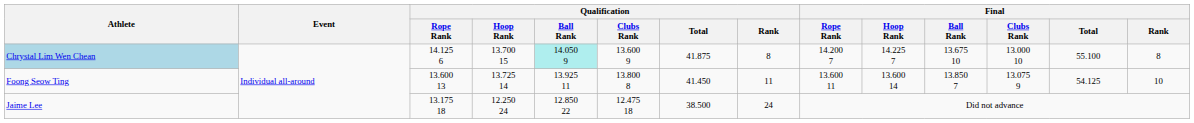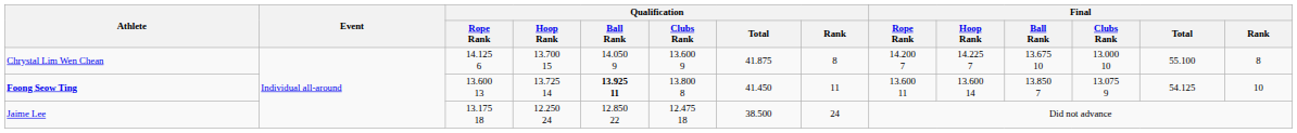 <table class="wikitable" width="98%" style="text-align:center; font-size:90%">
 <tr>
 <th rowspan=2 width="15%">Athlete</th>
 <th rowspan=2 width="11%">Event</th>
 <th colspan=6>Qualification</th>
 <th colspan=6>Final</th>
 </tr>
 <tr>
 <th width="4%"><a href='#'>Rope</a><br>Rank</th>
 <th width="4%"><a href='#'>Hoop</a><br>Rank</th>
 <th width="4%"><a href='#'>Ball</a><br>Rank</th>
 <th width="4%"><a href='#'>Clubs</a><br>Rank</th>
 <th width="5%">Total</th>
 <th width="4%">Rank</th>
 <th width="4%"><a href='#'>Rope</a><br>Rank</th>
 <th width="4%"><a href='#'>Hoop</a><br>Rank</th>
 <th width="4%"><a href='#'>Ball</a><br>Rank</th>
 <th width="4%"><a href='#'>Clubs</a><br>Rank</th>
 <th width="5%">Total</th>
 <th width="4%">Rank</th>
 </tr>
 <tr>
-<td align="left" style="background: lightblue;"><a href='#'>Chrystal Lim Wen Chean</a></td>
+<td align="left"><a href='#'>Chrystal Lim Wen Chean</a></td>
 <td align="left" rowspan=3><a href='#'>Individual all-around</a></td>
 <td>14.125<br>6</td>
 <td>13.700<br>15</td>
-<td style="background: paleturquoise;">14.050<br>9</td>
+<td>14.050<br>9</td>
 <td>13.600<br>9</td>
 <td>41.875</td>
 <td>8 <strong></strong></td>
 <td>14.200<br>7</td>
 <td>14.225<br>7</td>
 <td>13.675<br>10</td>
 <td>13.000<br>10</td>
 <td>55.100</td>
 <td>8</td>
 </tr>
 <tr>
-<td align="left"><a href='#'>Foong Seow Ting</a></td>
+<td align="left"><strong><a href='#'>Foong Seow Ting</a></strong></td>
 <td>13.600<br>13</td>
 <td>13.725<br>14</td>
-<td>13.925<br>11</td>
+<td><strong>13.925<br>11</strong></td>
 <td>13.800<br>8</td>
 <td>41.450</td>
 <td>11 <strong></strong></td>
 <td>13.600<br>11</td>
 <td>13.600<br>14</td>
 <td>13.850<br>7</td>
 <td>13.075<br>9</td>
 <td>54.125</td>
 <td>10</td>
 </tr>
 <tr>
 <td align="left"><a href='#'>Jaime Lee</a></td>
 <td>13.175<br>18</td>
 <td>12.250<br>24</td>
 <td>12.850<br>22</td>
 <td>12.475<br>18</td>
 <td>38.500</td>
 <td>24</td>
 <td colspan=6>Did not advance</td>
 </tr>
 </table>
